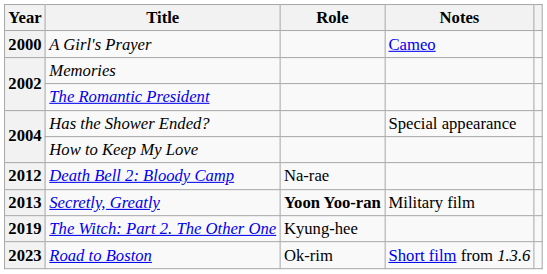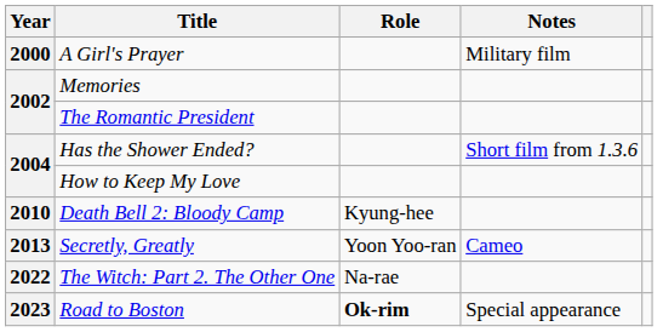 <table class="wikitable plainrowheaders sortable">
 <tr>
 <th scope="col">Year</th>
 <th scope="col">Title</th>
 <th scope="col">Role</th>
 <th scope="col">Notes</th>
 <th scope="col" class="unsortable"></th>
 </tr>
 <tr>
 <th scope="row">2000</th>
 <td><em>A Girl's Prayer</em></td>
 <td></td>
-<td><a href='#'>Cameo</a></td>
+<td>Military film</td>
 <td style="text-align:center"></td>
 </tr>
 <tr>
 <th scope="row" rowspan="2">2002</th>
 <td><em>Memories</em></td>
 <td></td>
 <td></td>
 <td style="text-align:center"></td>
 </tr>
 <tr>
 <td><em><a href='#'>The Romantic President</a></em></td>
 <td></td>
 <td></td>
 <td style="text-align:center"></td>
 </tr>
 <tr>
 <th scope="row" rowspan="2">2004</th>
 <td><em>Has the Shower Ended?</em></td>
 <td></td>
-<td>Special appearance</td>
+<td><a href='#'>Short film</a> from <em>1.3.6</em></td>
 <td style="text-align:center"></td>
 </tr>
 <tr>
 <td><em>How to Keep My Love</em></td>
 <td></td>
 <td></td>
 <td style="text-align:center"></td>
 </tr>
 <tr>
-<th scope="row">2012</th>
+<th scope="row">2010</th>
 <td><em><a href='#'>Death Bell 2: Bloody Camp</a></em></td>
-<td>Na-rae</td>
+<td>Kyung-hee</td>
 <td></td>
 <td style="text-align:center"></td>
 </tr>
 <tr>
 <th scope="row">2013</th>
 <td><em><a href='#'>Secretly, Greatly</a></em></td>
-<td><strong>Yoon Yoo-ran</strong></td>
-<td>Military film</td>
+<td>Yoon Yoo-ran</td>
+<td><a href='#'>Cameo</a></td>
 <td style="text-align:center"></td>
 </tr>
 <tr>
-<th scope="row">2019</th>
+<th scope="row">2022</th>
 <td><em><a href='#'>The Witch: Part 2. The Other One</a></em></td>
-<td>Kyung-hee</td>
+<td>Na-rae</td>
 <td></td>
 <td style="text-align:center"></td>
 </tr>
 <tr>
 <th scope="row">2023</th>
 <td><em><a href='#'>Road to Boston</a></em></td>
-<td>Ok-rim</td>
-<td><a href='#'>Short film</a> from <em>1.3.6</em></td>
+<td><strong>Ok-rim</strong></td>
+<td>Special appearance</td>
 <td style="text-align:center"></td>
 </tr>
 </table>
